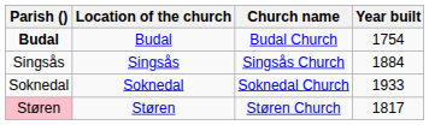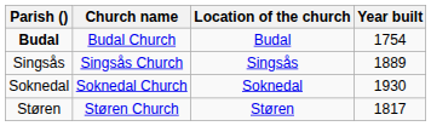 <table class="wikitable" style="text-align:center">
 <tr>
 <th>Parish ()</th>
+<th>Church name</th>
 <th>Location of the church</th>
-<th>Church name</th>
 <th>Year built</th>
 </tr>
 <tr>
 <td><strong>Budal</strong></td>
+<td><a href='#'>Budal Church</a></td>
 <td><a href='#'>Budal</a></td>
-<td><a href='#'>Budal Church</a></td>
 <td>1754</td>
 </tr>
 <tr>
 <td>Singsås</td>
+<td><a href='#'>Singsås Church</a></td>
 <td><a href='#'>Singsås</a></td>
-<td><a href='#'>Singsås Church</a></td>
-<td>1884</td>
+<td>1889</td>
 </tr>
 <tr>
 <td>Soknedal</td>
+<td><a href='#'>Soknedal Church</a></td>
 <td><a href='#'>Soknedal</a></td>
-<td><a href='#'>Soknedal Church</a></td>
-<td>1933</td>
+<td>1930</td>
 </tr>
 <tr>
-<td style="background: pink;">Støren</td>
+<td>Støren</td>
+<td><a href='#'>Støren Church</a></td>
 <td><a href='#'>Støren</a></td>
-<td><a href='#'>Støren Church</a></td>
 <td>1817</td>
 </tr>
 </table>
